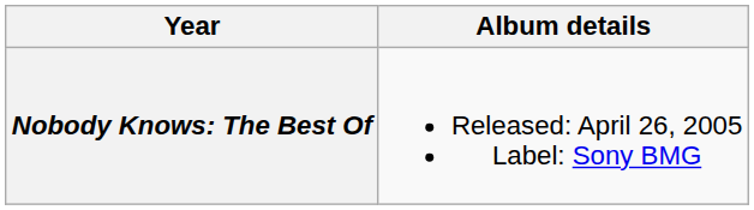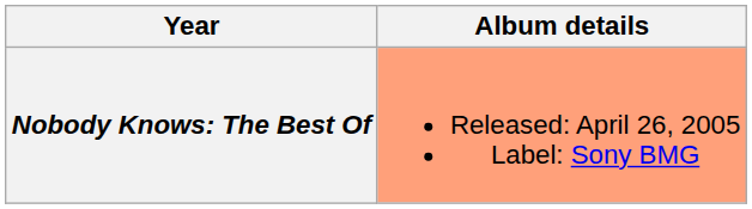 <table class="wikitable plainrowheaders" style="text-align:center;">
 <tr>
 <th>Year</th>
 <th>Album details</th>
 </tr>
 <tr>
 <th scope="row"><em>Nobody Knows: The Best Of</em></th>
-<td><br><ul><li>Released: April 26, 2005</li><li>Label: <a href='#'>Sony BMG</a></li></ul></td>
+<td style="background: lightsalmon;"><br><ul><li>Released: April 26, 2005</li><li>Label: <a href='#'>Sony BMG</a></li></ul></td>
 </tr>
 </table>
